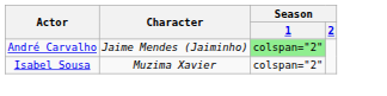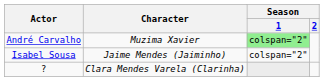 <table class="wikitable" style="text-align:center">
 <tr>
 <th rowspan="2">Actor</th>
 <th rowspan="2">Character</th>
 <th colspan="2">Season</th>
 </tr>
 <tr>
 <th><a href='#'>1</a></th>
 <th><a href='#'>2</a></th>
 </tr>
 <tr>
 <td><a href='#'>André Carvalho</a></td>
-<td><em>Jaime Mendes (Jaiminho)</em></td>
+<td><em>Muzima Xavier</em></td>
 <td style="background: lightgreen;">colspan="2" </td>
 </tr>
 <tr>
 <td><a href='#'>Isabel Sousa</a></td>
-<td><em>Muzima Xavier</em></td>
+<td><em>Jaime Mendes (Jaiminho)</em></td>
 <td>colspan="2" </td>
 </tr>
+<tr>
+<td>?</td>
+<td><em>Clara Mendes Varela (Clarinha)</em></td>
+<td style="background: #ececec"></td>
+<td></td>
+</tr>
 </table>
